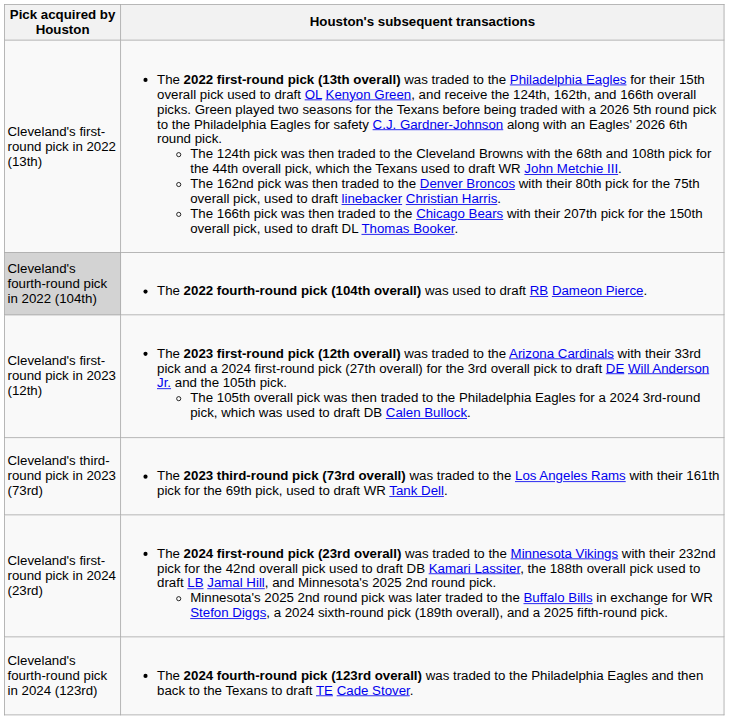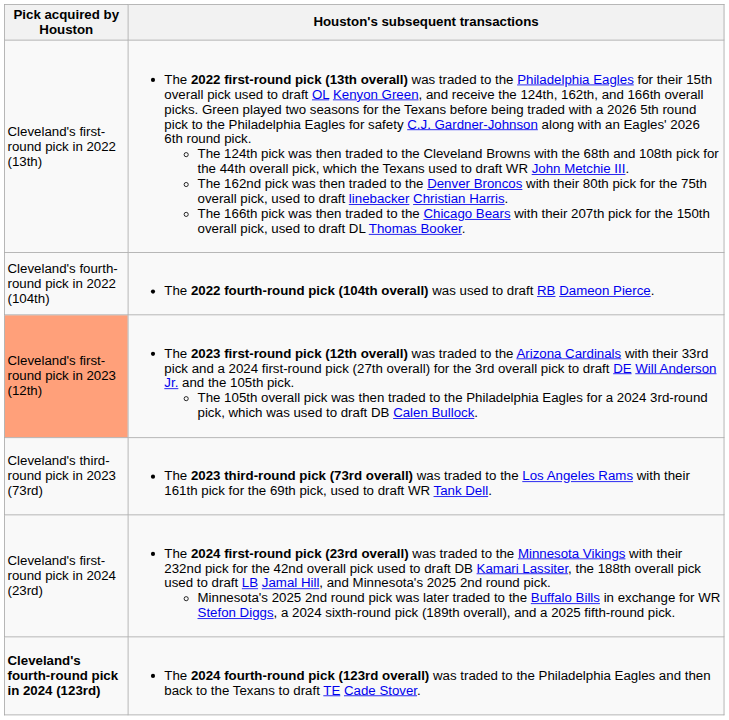 <table class="wikitable">
 <tr>
 <th>Pick acquired by Houston</th>
 <th>Houston's subsequent transactions</th>
 </tr>
 <tr>
 <td>Cleveland's first-round pick in 2022 (13th)</td>
 <td valign="top"><br><ul><li>The <strong>2022 first-round pick (13th overall)</strong> was traded to the <a href='#'>Philadelphia Eagles</a> for their 15th overall pick used to draft <a href='#'>OL</a> <a href='#'>Kenyon Green</a>, and receive the 124th, 162th, and 166th overall picks. Green played two seasons for the Texans before being traded with a 2026 5th round pick to the Philadelphia Eagles for safety <a href='#'>C.J. Gardner-Johnson</a> along with an Eagles' 2026 6th round pick.<ul><li>The 124th pick was then traded to the Cleveland Browns with the 68th and 108th pick for the 44th overall pick, which the Texans used to draft WR <a href='#'>John Metchie III</a>.</li><li>The 162nd pick was then traded to the <a href='#'>Denver Broncos</a> with their 80th pick for the 75th overall pick, used to draft <a href='#'>linebacker</a> <a href='#'>Christian Harris</a>.</li><li>The 166th pick was then traded to the <a href='#'>Chicago Bears</a> with their 207th pick for the 150th overall pick, used to draft DL <a href='#'>Thomas Booker</a>.</li></ul></li></ul></td>
 </tr>
 <tr>
-<td style="background: lightgrey;">Cleveland's fourth-round pick in 2022 (104th)</td>
+<td>Cleveland's fourth-round pick in 2022 (104th)</td>
 <td valign="top"><br><ul><li>The <strong>2022 fourth-round pick (104th overall)</strong> was used to draft <a href='#'>RB</a> <a href='#'>Dameon Pierce</a>.</li></ul></td>
 </tr>
 <tr>
-<td>Cleveland's first-round pick in 2023 (12th)</td>
+<td style="background: lightsalmon;">Cleveland's first-round pick in 2023 (12th)</td>
 <td valign="top"><br><ul><li>The <strong>2023 first-round pick (12th overall)</strong> was traded to the <a href='#'>Arizona Cardinals</a> with their 33rd pick and a 2024 first-round pick (27th overall) for the 3rd overall pick to draft <a href='#'>DE</a> <a href='#'>Will Anderson Jr.</a> and the 105th pick.<ul><li>The 105th overall pick was then traded to the Philadelphia Eagles for a 2024 3rd-round pick, which was used to draft DB <a href='#'>Calen Bullock</a>.</li></ul></li></ul></td>
 </tr>
 <tr>
 <td>Cleveland's third-round pick in 2023 (73rd)</td>
 <td valign="top"><br><ul><li>The <strong>2023 third-round pick (73rd overall)</strong> was traded to the <a href='#'>Los Angeles Rams</a> with their 161th pick for the 69th pick, used to draft WR <a href='#'>Tank Dell</a>.</li></ul></td>
 </tr>
 <tr>
 <td>Cleveland's first-round pick in 2024 (23rd)</td>
 <td valign="top"><br><ul><li>The <strong>2024 first-round pick (23rd overall)</strong> was traded to the <a href='#'>Minnesota Vikings</a> with their 232nd pick for the 42nd overall pick used to draft DB <a href='#'>Kamari Lassiter</a>, the 188th overall pick used to draft <a href='#'>LB</a> <a href='#'>Jamal Hill</a>, and Minnesota's 2025 2nd round pick.<ul><li>Minnesota's 2025 2nd round pick was later traded to the <a href='#'>Buffalo Bills</a> in exchange for WR <a href='#'>Stefon Diggs</a>, a 2024 sixth-round pick (189th overall), and a 2025 fifth-round pick.</li></ul></li></ul></td>
 </tr>
 <tr>
-<td>Cleveland's fourth-round pick in 2024 (123rd)</td>
+<td><strong>Cleveland's fourth-round pick in 2024 (123rd)</strong></td>
 <td valign="top"><br><ul><li>The <strong>2024 fourth-round pick (123rd overall)</strong> was traded to the Philadelphia Eagles and then back to the Texans to draft <a href='#'>TE</a> <a href='#'>Cade Stover</a>.</li></ul></td>
 </tr>
 </table>
